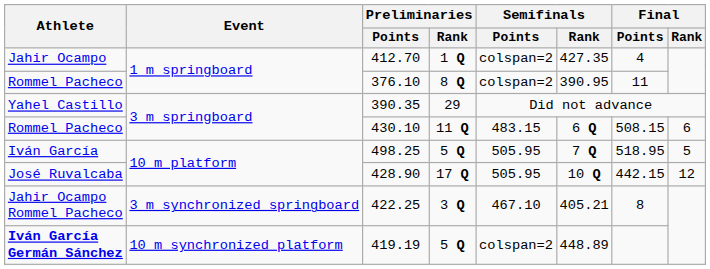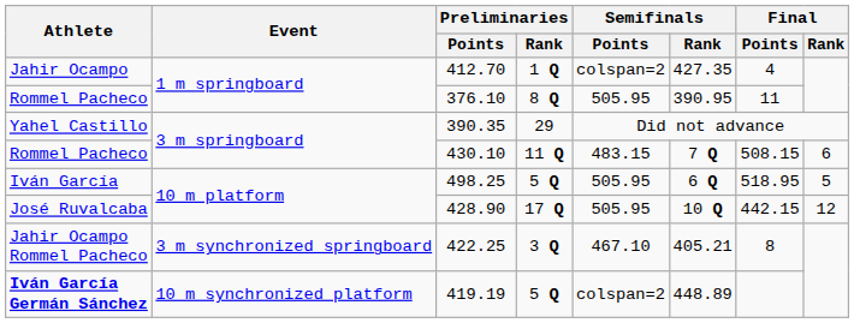 <table class=wikitable style="font-size:90%;">
 <tr>
 <th rowspan="2">Athlete</th>
 <th rowspan="2">Event</th>
 <th colspan="2">Preliminaries</th>
 <th colspan="2">Semifinals</th>
 <th colspan="2">Final</th>
 </tr>
 <tr style="font-size:95%">
 <th>Points</th>
 <th>Rank</th>
 <th>Points</th>
 <th>Rank</th>
 <th>Points</th>
 <th>Rank</th>
 </tr>
 <tr align=center>
 <td align=left><a href='#'>Jahir Ocampo</a></td>
 <td align=left rowspan=2><a href='#'>1 m springboard</a></td>
 <td>412.70</td>
 <td>1 <strong>Q</strong></td>
 <td>colspan=2 </td>
 <td>427.35</td>
 <td>4</td>
 </tr>
 <tr align=center>
 <td align=left><a href='#'>Rommel Pacheco</a></td>
 <td>376.10</td>
 <td>8 <strong>Q</strong></td>
-<td>colspan=2 </td>
+<td>505.95</td>
 <td>390.95</td>
 <td>11</td>
 </tr>
 <tr align=center>
 <td align=left><a href='#'>Yahel Castillo</a></td>
 <td align=left rowspan=2><a href='#'>3 m springboard</a></td>
 <td>390.35</td>
 <td>29</td>
 <td colspan=4>Did not advance</td>
 </tr>
 <tr align=center>
 <td align=left><a href='#'>Rommel Pacheco</a></td>
 <td>430.10</td>
 <td>11 <strong>Q</strong></td>
 <td>483.15</td>
-<td>6 <strong>Q</strong></td>
+<td>7 <strong>Q</strong></td>
 <td>508.15</td>
 <td>6</td>
 </tr>
 <tr align=center>
 <td align=left><a href='#'>Iván García</a></td>
 <td align=left rowspan=2><a href='#'>10 m platform</a></td>
 <td>498.25</td>
 <td>5 <strong>Q</strong></td>
 <td>505.95</td>
-<td>7 <strong>Q</strong></td>
+<td>6 <strong>Q</strong></td>
 <td>518.95</td>
 <td>5</td>
 </tr>
 <tr align=center>
 <td align=left><a href='#'>José Ruvalcaba</a></td>
 <td>428.90</td>
 <td>17 <strong>Q</strong></td>
 <td>505.95</td>
 <td>10 <strong>Q</strong></td>
 <td>442.15</td>
 <td>12</td>
 </tr>
 <tr align=center>
 <td align=left><a href='#'>Jahir Ocampo</a><br><a href='#'>Rommel Pacheco</a></td>
 <td align=left><a href='#'>3 m synchronized springboard</a></td>
 <td>422.25</td>
 <td>3 <strong>Q</strong></td>
 <td>467.10</td>
 <td>405.21</td>
 <td>8</td>
 </tr>
 <tr align=center>
 <td align=left><strong><a href='#'>Iván García</a><br><a href='#'>Germán Sánchez</a></strong></td>
 <td align=left><a href='#'>10 m synchronized platform</a></td>
 <td>419.19</td>
 <td>5 <strong>Q</strong></td>
 <td>colspan=2 </td>
 <td>448.89</td>
 <td></td>
 </tr>
 </table>
